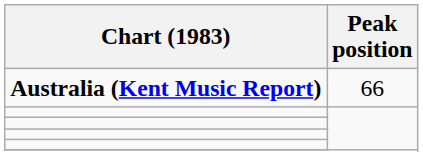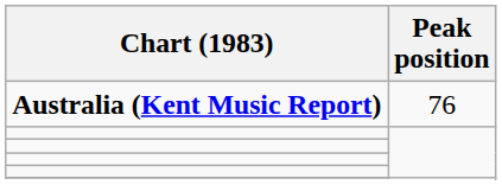 <table class="wikitable sortable">
 <tr>
 <th align="left">Chart (1983)</th>
 <th align="center">Peak<br>position</th>
 </tr>
 <tr>
 <td align="left"><strong>Australia (<a href='#'>Kent Music Report</a>)</strong></td>
-<td style="text-align:center;">66</td>
+<td style="text-align:center;">76</td>
 </tr>
 <tr>
 <td></td>
 </tr>
 <tr>
 <td></td>
 </tr>
 <tr>
 <td></td>
 </tr>
 <tr>
 <td></td>
 </tr>
 <tr>
 </tr>
 </table>
